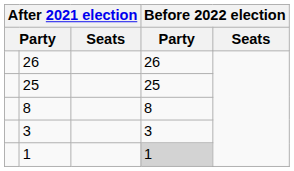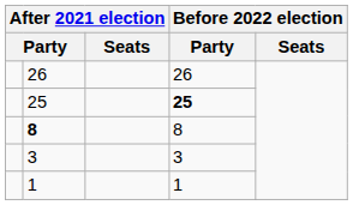 <table class="wikitable">
 <tr>
 <th colspan="3">After <a href='#'>2021 election</a></th>
 <th colspan="3">Before 2022 election</th>
 </tr>
 <tr>
 <th colspan="2">Party</th>
 <th>Seats</th>
 <th colspan="2">Party</th>
 <th>Seats</th>
 </tr>
 <tr>
 <td></td>
 <td>26</td>
 <td></td>
 <td>26</td>
 </tr>
 <tr>
 <td></td>
 <td>25</td>
 <td></td>
-<td>25</td>
+<td><strong>25</strong></td>
 </tr>
 <tr>
 <td></td>
-<td>8</td>
+<td><strong>8</strong></td>
 <td></td>
 <td>8</td>
 </tr>
 <tr>
 <td></td>
 <td>3</td>
 <td></td>
 <td>3</td>
 </tr>
 <tr>
 <td></td>
 <td>1</td>
 <td></td>
-<td style="background: lightgrey;">1</td>
+<td>1</td>
 </tr>
 </table>
